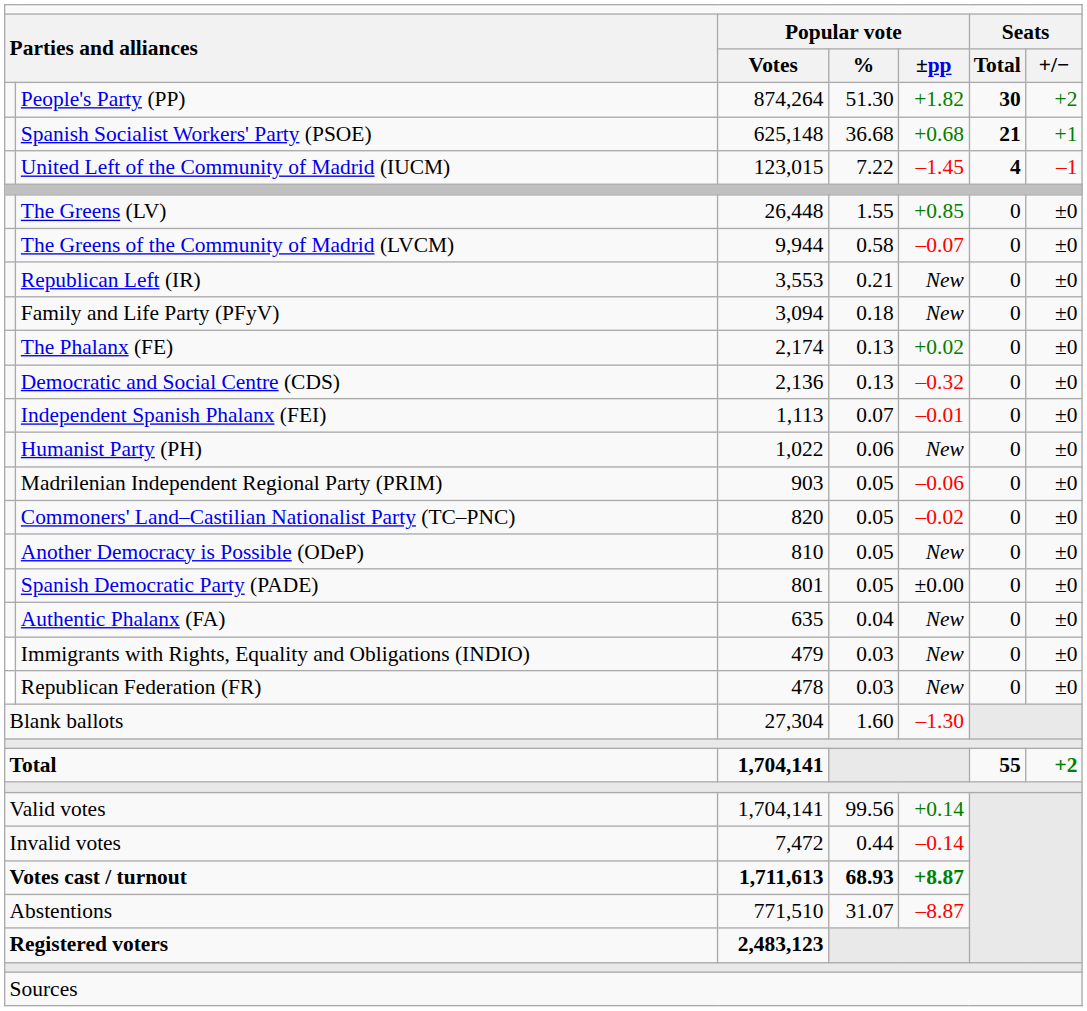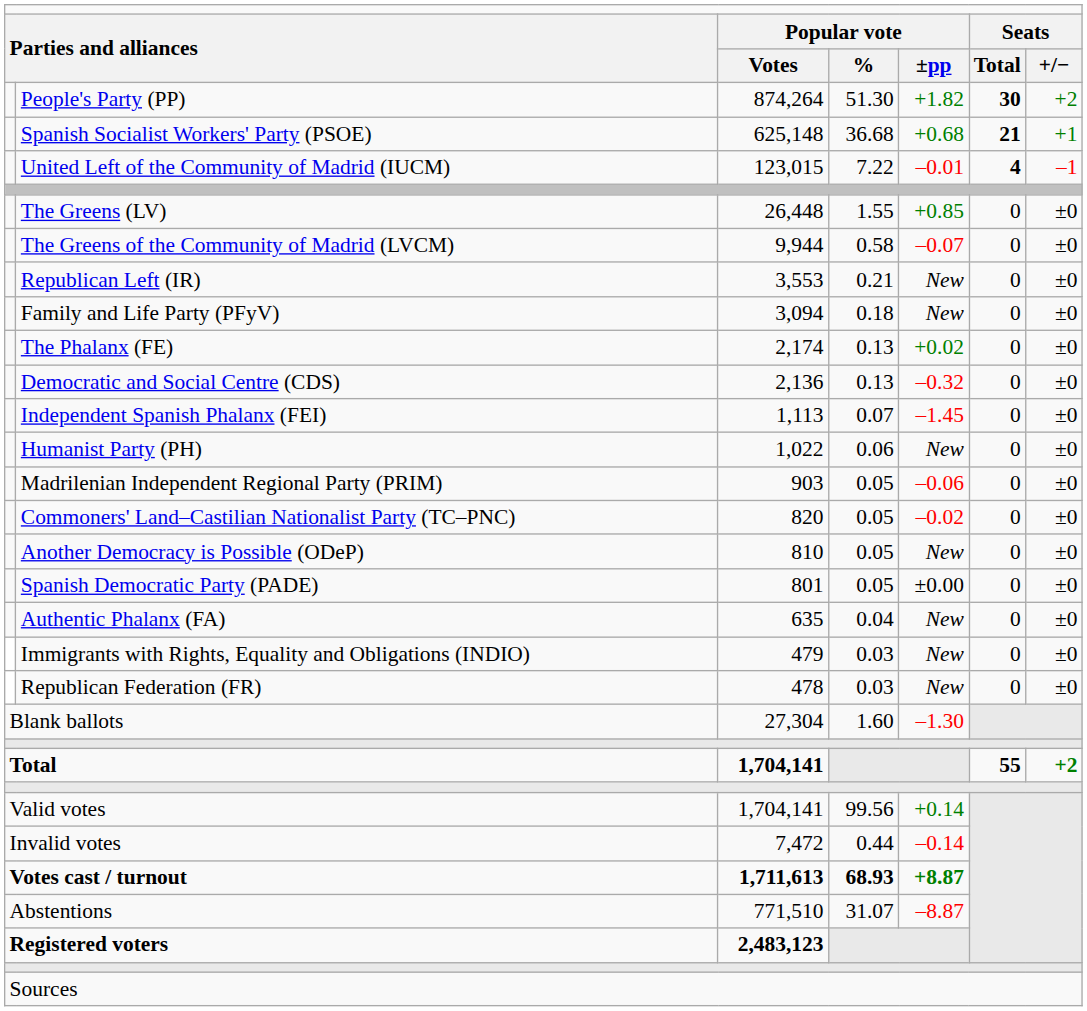 <table class="wikitable" style="text-align:right;">
 <tr>
 <td colspan="7"></td>
 </tr>
 <tr>
 <th style="text-align:left;" rowspan="2" colspan="2" width="525">Parties and alliances</th>
 <th colspan="3">Popular vote</th>
 <th colspan="2">Seats</th>
 </tr>
 <tr>
 <th width="75">Votes</th>
 <th width="45">%</th>
 <th width="45">±<a href='#'>pp</a></th>
 <th width="35">Total</th>
 <th width="35">+/−</th>
 </tr>
 <tr>
 <td width="1" style="color:inherit;background:"></td>
 <td align="left"><a href='#'>People's Party</a> (PP)</td>
 <td>874,264</td>
 <td>51.30</td>
 <td style="color:green;">+1.82</td>
 <td><strong>30</strong></td>
 <td style="color:green;">+2</td>
 </tr>
 <tr>
 <td style="color:inherit;background:"></td>
 <td align="left"><a href='#'>Spanish Socialist Workers' Party</a> (PSOE)</td>
 <td>625,148</td>
 <td>36.68</td>
 <td style="color:green;">+0.68</td>
 <td><strong>21</strong></td>
 <td style="color:green;">+1</td>
 </tr>
 <tr>
 <td style="color:inherit;background:"></td>
 <td align="left"><a href='#'>United Left of the Community of Madrid</a> (IUCM)</td>
 <td>123,015</td>
 <td>7.22</td>
-<td style="color:red;">–1.45</td>
+<td style="color:red;">–0.01</td>
 <td><strong>4</strong></td>
 <td style="color:red;">–1</td>
 </tr>
 <tr>
 <td colspan="7" bgcolor="#C0C0C0"></td>
 </tr>
 <tr>
 <td style="color:inherit;background:"></td>
 <td align="left"><a href='#'>The Greens</a> (LV)</td>
 <td>26,448</td>
 <td>1.55</td>
 <td style="color:green;">+0.85</td>
 <td>0</td>
 <td>±0</td>
 </tr>
 <tr>
 <td style="color:inherit;background:"></td>
 <td align="left"><a href='#'>The Greens of the Community of Madrid</a> (LVCM)</td>
 <td>9,944</td>
 <td>0.58</td>
 <td style="color:red;">–0.07</td>
 <td>0</td>
 <td>±0</td>
 </tr>
 <tr>
 <td style="color:inherit;background:"></td>
 <td align="left"><a href='#'>Republican Left</a> (IR)</td>
 <td>3,553</td>
 <td>0.21</td>
 <td><em>New</em></td>
 <td>0</td>
 <td>±0</td>
 </tr>
 <tr>
 <td style="color:inherit;background:"></td>
 <td align="left">Family and Life Party (PFyV)</td>
 <td>3,094</td>
 <td>0.18</td>
 <td><em>New</em></td>
 <td>0</td>
 <td>±0</td>
 </tr>
 <tr>
 <td style="color:inherit;background:"></td>
 <td align="left"><a href='#'>The Phalanx</a> (FE)</td>
 <td>2,174</td>
 <td>0.13</td>
 <td style="color:green;">+0.02</td>
 <td>0</td>
 <td>±0</td>
 </tr>
 <tr>
 <td style="color:inherit;background:"></td>
 <td align="left"><a href='#'>Democratic and Social Centre</a> (CDS)</td>
 <td>2,136</td>
 <td>0.13</td>
 <td style="color:red;">–0.32</td>
 <td>0</td>
 <td>±0</td>
 </tr>
 <tr>
 <td style="color:inherit;background:"></td>
 <td align="left"><a href='#'>Independent Spanish Phalanx</a> (FEI)</td>
 <td>1,113</td>
 <td>0.07</td>
-<td style="color:red;">–0.01</td>
+<td style="color:red;">–1.45</td>
 <td>0</td>
 <td>±0</td>
 </tr>
 <tr>
 <td style="color:inherit;background:"></td>
 <td align="left"><a href='#'>Humanist Party</a> (PH)</td>
 <td>1,022</td>
 <td>0.06</td>
 <td><em>New</em></td>
 <td>0</td>
 <td>±0</td>
 </tr>
 <tr>
 <td style="color:inherit;background:"></td>
 <td align="left">Madrilenian Independent Regional Party (PRIM)</td>
 <td>903</td>
 <td>0.05</td>
 <td style="color:red;">–0.06</td>
 <td>0</td>
 <td>±0</td>
 </tr>
 <tr>
 <td style="color:inherit;background:"></td>
 <td align="left"><a href='#'>Commoners' Land–Castilian Nationalist Party</a> (TC–PNC)</td>
 <td>820</td>
 <td>0.05</td>
 <td style="color:red;">–0.02</td>
 <td>0</td>
 <td>±0</td>
 </tr>
 <tr>
 <td style="color:inherit;background:"></td>
 <td align="left"><a href='#'>Another Democracy is Possible</a> (ODeP)</td>
 <td>810</td>
 <td>0.05</td>
 <td><em>New</em></td>
 <td>0</td>
 <td>±0</td>
 </tr>
 <tr>
 <td style="color:inherit;background:"></td>
 <td align="left"><a href='#'>Spanish Democratic Party</a> (PADE)</td>
 <td>801</td>
 <td>0.05</td>
 <td>±0.00</td>
 <td>0</td>
 <td>±0</td>
 </tr>
 <tr>
 <td style="color:inherit;background:"></td>
 <td align="left"><a href='#'>Authentic Phalanx</a> (FA)</td>
 <td>635</td>
 <td>0.04</td>
 <td><em>New</em></td>
 <td>0</td>
 <td>±0</td>
 </tr>
 <tr>
 <td bgcolor="white"></td>
 <td align="left">Immigrants with Rights, Equality and Obligations (INDIO)</td>
 <td>479</td>
 <td>0.03</td>
 <td><em>New</em></td>
 <td>0</td>
 <td>±0</td>
 </tr>
 <tr>
 <td bgcolor="white"></td>
 <td align="left">Republican Federation (FR)</td>
 <td>478</td>
 <td>0.03</td>
 <td><em>New</em></td>
 <td>0</td>
 <td>±0</td>
 </tr>
 <tr>
 <td align="left" colspan="2">Blank ballots</td>
 <td>27,304</td>
 <td>1.60</td>
 <td style="color:red;">–1.30</td>
 <td bgcolor="#E9E9E9" colspan="2"></td>
 </tr>
 <tr>
 <td colspan="7" bgcolor="#E9E9E9"></td>
 </tr>
 <tr style="font-weight:bold;">
 <td align="left" colspan="2">Total</td>
 <td>1,704,141</td>
 <td bgcolor="#E9E9E9" colspan="2"></td>
 <td>55</td>
 <td style="color:green;">+2</td>
 </tr>
 <tr>
 <td colspan="7" bgcolor="#E9E9E9"></td>
 </tr>
 <tr>
 <td align="left" colspan="2">Valid votes</td>
 <td>1,704,141</td>
 <td>99.56</td>
 <td style="color:green;">+0.14</td>
 <td bgcolor="#E9E9E9" colspan="2" rowspan="5"></td>
 </tr>
 <tr>
 <td align="left" colspan="2">Invalid votes</td>
 <td>7,472</td>
 <td>0.44</td>
 <td style="color:red;">–0.14</td>
 </tr>
 <tr style="font-weight:bold;">
 <td align="left" colspan="2">Votes cast / turnout</td>
 <td>1,711,613</td>
 <td>68.93</td>
 <td style="color:green;">+8.87</td>
 </tr>
 <tr>
 <td align="left" colspan="2">Abstentions</td>
 <td>771,510</td>
 <td>31.07</td>
 <td style="color:red;">–8.87</td>
 </tr>
 <tr style="font-weight:bold;">
 <td align="left" colspan="2">Registered voters</td>
 <td>2,483,123</td>
 <td bgcolor="#E9E9E9" colspan="2"></td>
 </tr>
 <tr>
 <td colspan="7" bgcolor="#E9E9E9"></td>
 </tr>
 <tr>
 <td align="left" colspan="7">Sources</td>
 </tr>
 </table>
